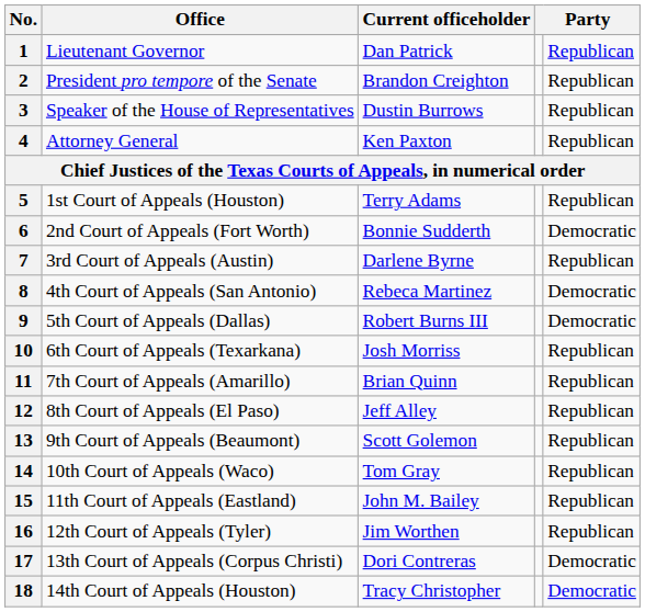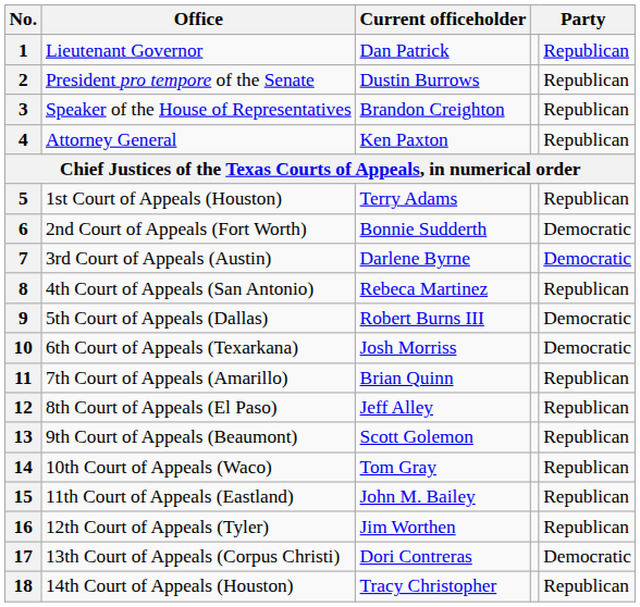 <table class="wikitable">
 <tr>
 <th><abbr>No.</abbr></th>
 <th>Office</th>
 <th>Current officeholder</th>
 <th colspan=2>Party</th>
 </tr>
 <tr>
 <th>1</th>
 <td><a href='#'>Lieutenant Governor</a></td>
 <td><a href='#'>Dan Patrick</a></td>
 <td style="background: "></td>
 <td><a href='#'>Republican</a></td>
 </tr>
 <tr>
 <th>2</th>
 <td><a href='#'>President <em>pro tempore</em></a> of the <a href='#'>Senate</a></td>
-<td><a href='#'>Brandon Creighton</a></td>
+<td><a href='#'>Dustin Burrows</a></td>
 <td style="background: "></td>
 <td>Republican</td>
 </tr>
 <tr>
 <th>3</th>
 <td><a href='#'>Speaker</a> of the <a href='#'>House of Representatives</a></td>
-<td><a href='#'>Dustin Burrows</a></td>
+<td><a href='#'>Brandon Creighton</a></td>
 <td style="background: "></td>
 <td>Republican</td>
 </tr>
 <tr>
 <th>4</th>
 <td><a href='#'>Attorney General</a></td>
 <td><a href='#'>Ken Paxton</a></td>
 <td style="background: "></td>
 <td>Republican</td>
 </tr>
 <tr>
 <th colspan="5">Chief Justices of the <a href='#'>Texas Courts of Appeals</a>, in numerical order</th>
 </tr>
 <tr>
 <th>5</th>
 <td>1st Court of Appeals (Houston)</td>
 <td><a href='#'>Terry Adams</a></td>
 <td style="background: "></td>
 <td>Republican</td>
 </tr>
 <tr>
 <th>6</th>
 <td>2nd Court of Appeals (Fort Worth)</td>
 <td><a href='#'>Bonnie Sudderth</a></td>
 <td style="background: "></td>
 <td>Democratic</td>
 </tr>
 <tr>
 <th>7</th>
 <td>3rd Court of Appeals (Austin)</td>
 <td><a href='#'>Darlene Byrne</a></td>
 <td style="background: "></td>
-<td>Republican</td>
+<td><a href='#'>Democratic</a></td>
 </tr>
 <tr>
 <th>8</th>
 <td>4th Court of Appeals (San Antonio)</td>
 <td><a href='#'>Rebeca Martinez</a></td>
 <td style="background: "></td>
-<td>Democratic</td>
+<td>Republican</td>
 </tr>
 <tr>
 <th>9</th>
 <td>5th Court of Appeals (Dallas)</td>
 <td><a href='#'>Robert Burns III</a></td>
 <td style="background: "></td>
 <td>Democratic</td>
 </tr>
 <tr>
 <th>10</th>
 <td>6th Court of Appeals (Texarkana)</td>
 <td><a href='#'>Josh Morriss</a></td>
 <td style="background: "></td>
-<td>Republican</td>
+<td>Democratic</td>
 </tr>
 <tr>
 <th>11</th>
 <td>7th Court of Appeals (Amarillo)</td>
 <td><a href='#'>Brian Quinn</a></td>
 <td style="background: "></td>
 <td>Republican</td>
 </tr>
 <tr>
 <th>12</th>
 <td>8th Court of Appeals (El Paso)</td>
 <td><a href='#'>Jeff Alley</a></td>
 <td style="background: "></td>
 <td>Republican</td>
 </tr>
 <tr>
 <th>13</th>
 <td>9th Court of Appeals (Beaumont)</td>
 <td><a href='#'>Scott Golemon</a></td>
 <td style="background: "></td>
 <td>Republican</td>
 </tr>
 <tr>
 <th>14</th>
 <td>10th Court of Appeals (Waco)</td>
 <td><a href='#'>Tom Gray</a></td>
 <td style="background: "></td>
 <td>Republican</td>
 </tr>
 <tr>
 <th>15</th>
 <td>11th Court of Appeals (Eastland)</td>
 <td><a href='#'>John M. Bailey</a></td>
 <td style="background: "></td>
 <td>Republican</td>
 </tr>
 <tr>
 <th>16</th>
 <td>12th Court of Appeals (Tyler)</td>
 <td><a href='#'>Jim Worthen</a></td>
 <td style="background: "></td>
 <td>Republican</td>
 </tr>
 <tr>
 <th>17</th>
 <td>13th Court of Appeals (Corpus Christi)</td>
 <td><a href='#'>Dori Contreras</a></td>
 <td style="background: "></td>
 <td>Democratic</td>
 </tr>
 <tr>
 <th>18</th>
 <td>14th Court of Appeals (Houston)</td>
 <td><a href='#'>Tracy Christopher</a></td>
 <td style="background: "></td>
-<td><a href='#'>Democratic</a></td>
+<td>Republican</td>
 </tr>
 </table>
